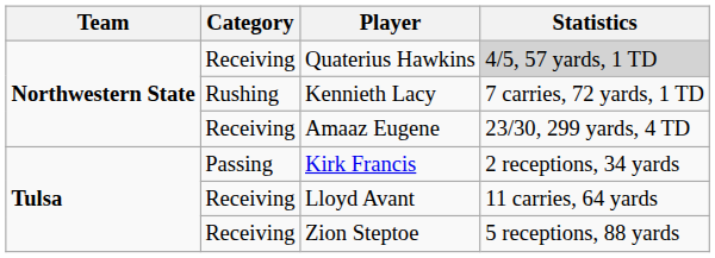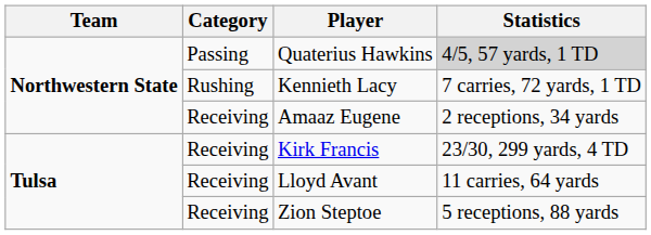 <table class="wikitable" style="float: right;">
 <tr>
 <th>Team</th>
 <th>Category</th>
 <th>Player</th>
 <th>Statistics</th>
 </tr>
 <tr>
 <td rowspan=3><strong>Northwestern State</strong></td>
-<td>Receiving</td>
+<td>Passing</td>
 <td>Quaterius Hawkins</td>
 <td style="background: lightgrey;">4/5, 57 yards, 1 TD</td>
 </tr>
 <tr>
 <td>Rushing</td>
 <td>Kennieth Lacy</td>
 <td>7 carries, 72 yards, 1 TD</td>
 </tr>
 <tr>
 <td>Receiving</td>
 <td>Amaaz Eugene</td>
-<td>23/30, 299 yards, 4 TD</td>
+<td>2 receptions, 34 yards</td>
 </tr>
 <tr>
 <td rowspan=3><strong>Tulsa</strong></td>
-<td>Passing</td>
+<td>Receiving</td>
 <td><a href='#'>Kirk Francis</a></td>
-<td>2 receptions, 34 yards</td>
+<td>23/30, 299 yards, 4 TD</td>
 </tr>
 <tr>
 <td>Receiving</td>
 <td>Lloyd Avant</td>
 <td>11 carries, 64 yards</td>
 </tr>
 <tr>
 <td>Receiving</td>
 <td>Zion Steptoe</td>
 <td>5 receptions, 88 yards</td>
 </tr>
 </table>
